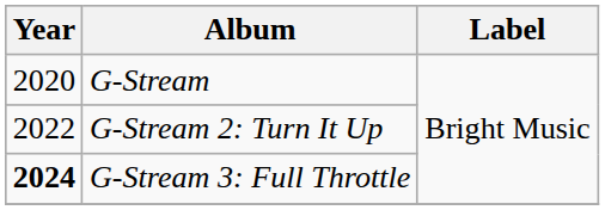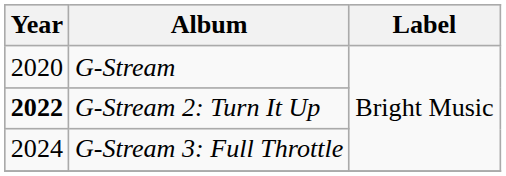 <table class="wikitable">
 <tr>
 <th>Year</th>
 <th>Album</th>
 <th>Label</th>
 </tr>
 <tr>
 <td>2020</td>
 <td><em>G-Stream</em></td>
 <td rowspan="3">Bright Music</td>
 </tr>
 <tr>
-<td>2022</td>
+<td><strong>2022</strong></td>
 <td><em>G-Stream 2: Turn It Up</em></td>
 </tr>
 <tr>
-<td><strong>2024</strong></td>
+<td>2024</td>
 <td><em>G-Stream 3: Full Throttle</em></td>
 </tr>
 <tr>
 </tr>
 </table>
